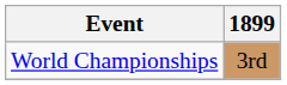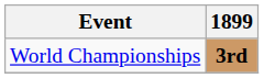 <table class="wikitable">
 <tr>
 <th>Event</th>
 <th>1899</th>
 </tr>
 <tr>
 <td><a href='#'>World Championships</a></td>
-<td align="center" bgcolor="cc9966">3rd</td>
+<td align="center" bgcolor="cc9966"><strong>3rd</strong></td>
 </tr>
 <tr>
 </tr>
 </table>
